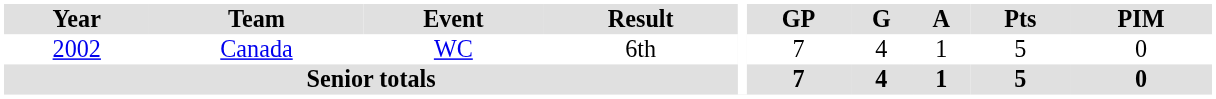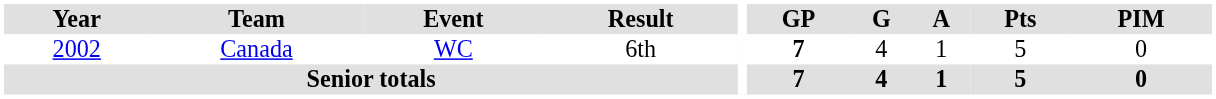 <table border="0" cellpadding="1" cellspacing="0" ID="Table3" style="text-align:center; width:50em">
 <tr ALIGN="center" bgcolor="#e0e0e0">
 <th>Year</th>
 <th>Team</th>
 <th>Event</th>
 <th>Result</th>
 <th rowspan="99" bgcolor="#ffffff"></th>
 <th>GP</th>
 <th>G</th>
 <th>A</th>
 <th>Pts</th>
 <th>PIM</th>
 </tr>
 <tr>
 <td><a href='#'>2002</a></td>
 <td><a href='#'>Canada</a></td>
 <td><a href='#'>WC</a></td>
 <td>6th</td>
-<td>7</td>
+<td><strong>7</strong></td>
 <td>4</td>
 <td>1</td>
 <td>5</td>
 <td>0</td>
 </tr>
 <tr bgcolor="#e0e0e0">
 <th colspan="4">Senior totals</th>
 <th>7</th>
 <th>4</th>
 <th>1</th>
 <th>5</th>
 <th>0</th>
 </tr>
 </table>
